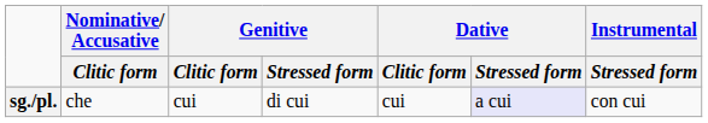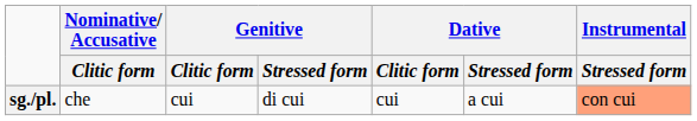 <table class="wikitable">
 <tr>
 <td rowspan="2"></td>
 <th><a href='#'>Nominative</a>/<br><a href='#'>Accusative</a></th>
 <th colspan="2"><a href='#'>Genitive</a></th>
 <th colspan="2"><a href='#'>Dative</a></th>
 <th><a href='#'>Instrumental</a></th>
 </tr>
 <tr>
 <th><em>Clitic form</em></th>
 <th><em>Clitic form</em></th>
 <th><em>Stressed form</em></th>
 <th><em>Clitic form</em></th>
 <th><em>Stressed form</em></th>
 <th><em>Stressed form</em></th>
 </tr>
 <tr>
 <th>sg./pl.</th>
 <td>che</td>
 <td>cui</td>
 <td>di cui</td>
 <td>cui</td>
-<td style="background: lavender;">a cui</td>
-<td>con cui</td>
+<td>a cui</td>
+<td style="background: lightsalmon;">con cui</td>
 </tr>
 </table>
